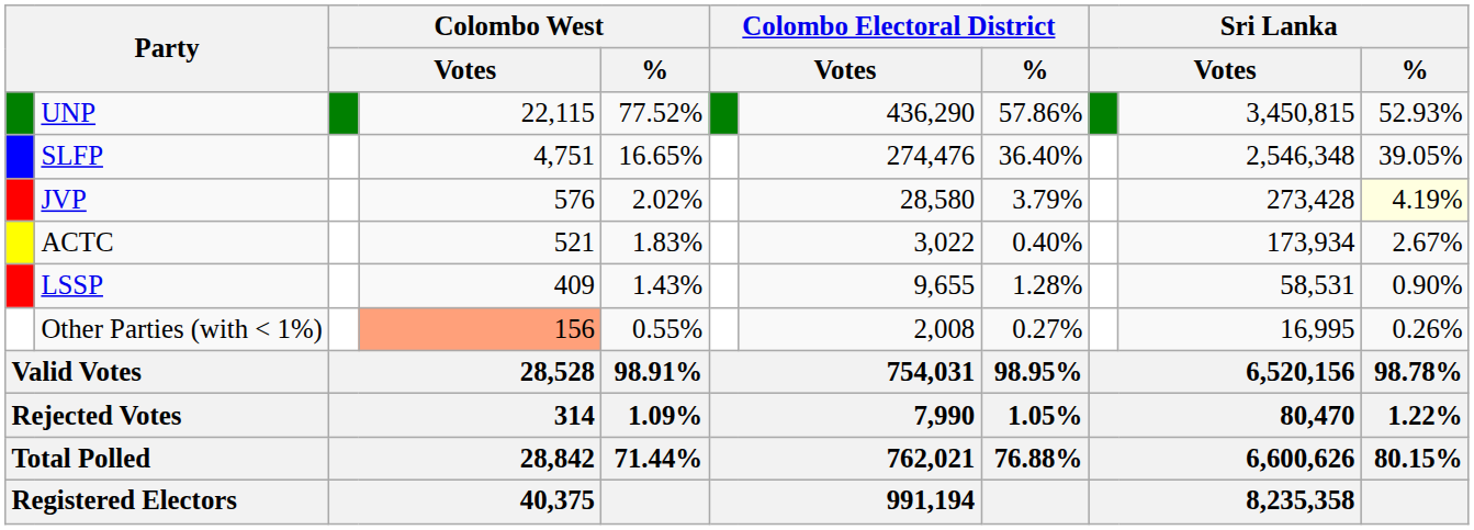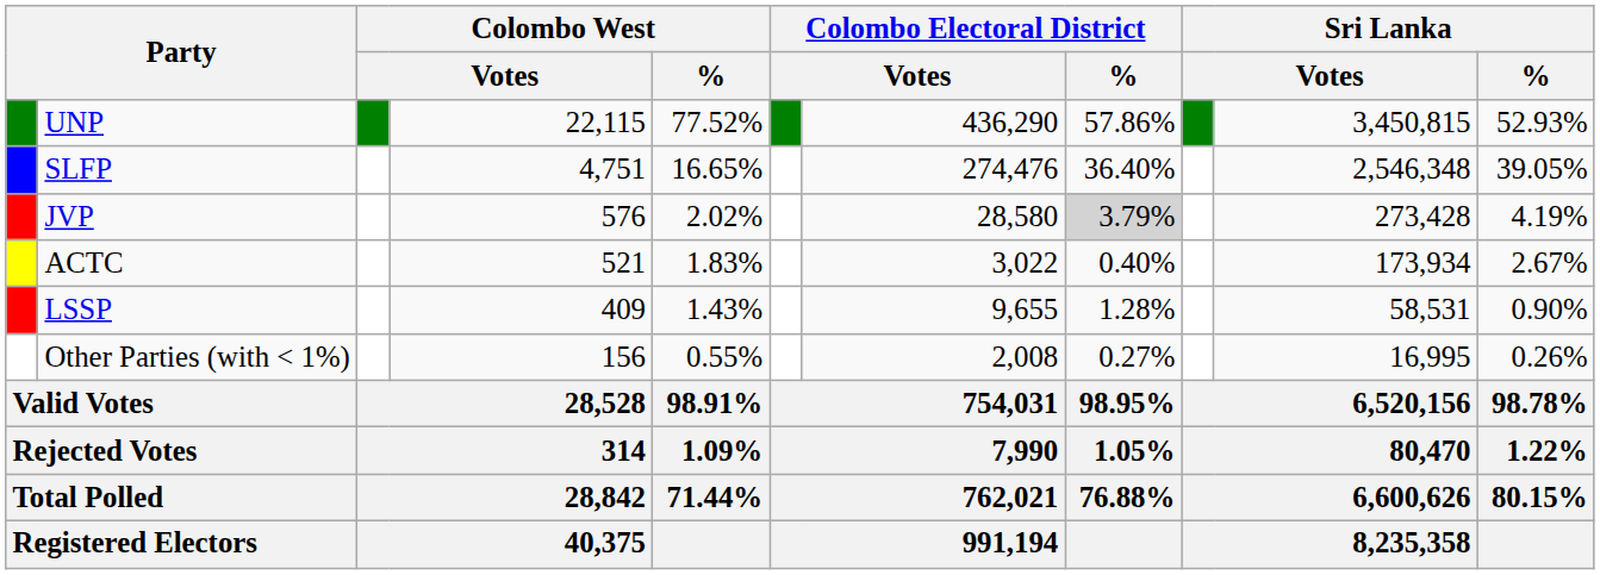 <table class="wikitable">
 <tr>
 <th colspan="2" width="144px"rowspan="2">Party</th>
 <th colspan="3" width="216px">Colombo West</th>
 <th colspan="3" width="216px"><a href='#'>Colombo Electoral District</a></th>
 <th colspan="3" width="216px">Sri Lanka</th>
 </tr>
 <tr>
 <th colspan="2" width="144px">Votes</th>
 <th>%</th>
 <th colspan="2" width="144px">Votes</th>
 <th>%</th>
 <th colspan="2" width="144px">Votes</th>
 <th>%</th>
 </tr>
 <tr>
 <td style="background-color:green;" width="10px"></td>
 <td style="text-align:left;"><a href='#'>UNP</a></td>
 <td style="background-color:green;" width="10px"></td>
 <td style="text-align:right;">22,115</td>
 <td style="text-align:right;">77.52%</td>
 <td style="background-color:green;" width="10px"></td>
 <td style="text-align:right;">436,290</td>
 <td style="text-align:right;">57.86%</td>
 <td style="background-color:green;" width="10px"></td>
 <td style="text-align:right;">3,450,815</td>
 <td style="text-align:right;">52.93%</td>
 </tr>
 <tr>
 <td style="background-color:blue;" width="10px"></td>
 <td style="text-align:left;"><a href='#'>SLFP</a></td>
 <td style="background-color:white;" width="10px"></td>
 <td style="text-align:right;">4,751</td>
 <td style="text-align:right;">16.65%</td>
 <td style="background-color:white;" width="10px"></td>
 <td style="text-align:right;">274,476</td>
 <td style="text-align:right;">36.40%</td>
 <td style="background-color:white;" width="10px"></td>
 <td style="text-align:right;">2,546,348</td>
 <td style="text-align:right;">39.05%</td>
 </tr>
 <tr>
 <td style="background-color:red;" width="10px"></td>
 <td style="text-align:left;"><a href='#'>JVP</a></td>
 <td style="background-color:white;" width="10px"></td>
 <td style="text-align:right;">576</td>
 <td style="text-align:right;">2.02%</td>
 <td style="background-color:white;" width="10px"></td>
 <td style="text-align:right;">28,580</td>
-<td style="text-align:right;">3.79%</td>
+<td style="background: lightgrey; text-align:right;">3.79%</td>
 <td style="background-color:white;" width="10px"></td>
 <td style="text-align:right;">273,428</td>
-<td style="background: lightyellow; text-align:right;">4.19%</td>
+<td style="text-align:right;">4.19%</td>
 </tr>
 <tr>
 <td style="background-color:yellow;" width="10px"></td>
 <td style="text-align:left;">ACTC</td>
 <td style="background-color:white;" width="10px"></td>
 <td style="text-align:right;">521</td>
 <td style="text-align:right;">1.83%</td>
 <td style="background-color:white;" width="10px"></td>
 <td style="text-align:right;">3,022</td>
 <td style="text-align:right;">0.40%</td>
 <td style="background-color:white;" width="10px"></td>
 <td style="text-align:right;">173,934</td>
 <td style="text-align:right;">2.67%</td>
 </tr>
 <tr>
 <td style="background-color:red;" width="10px"></td>
 <td style="text-align:left;"><a href='#'>LSSP</a></td>
 <td style="background-color:white;" width="10px"></td>
 <td style="text-align:right;">409</td>
 <td style="text-align:right;">1.43%</td>
 <td style="background-color:white;" width="10px"></td>
 <td style="text-align:right;">9,655</td>
 <td style="text-align:right;">1.28%</td>
 <td style="background-color:white;" width="10px"></td>
 <td style="text-align:right;">58,531</td>
 <td style="text-align:right;">0.90%</td>
 </tr>
 <tr>
 <td style="background-color:white;" width="10px"></td>
 <td style="text-align:left;">Other Parties (with < 1%)</td>
 <td style="background-color:white;" width="10px"></td>
-<td style="background: lightsalmon; text-align:right;">156</td>
+<td style="text-align:right;">156</td>
 <td style="text-align:right;">0.55%</td>
 <td style="background-color:white;" width="10px"></td>
 <td style="text-align:right;">2,008</td>
 <td style="text-align:right;">0.27%</td>
 <td style="background-color:white;" width="10px"></td>
 <td style="text-align:right;">16,995</td>
 <td style="text-align:right;">0.26%</td>
 </tr>
 <tr>
 <th colspan="2" width="144px"style="text-align:left;">Valid Votes</th>
 <th style="text-align:right;"colspan="2" width="144px">28,528</th>
 <th style="text-align:right;">98.91%</th>
 <th style="text-align:right;"colspan="2" width="144px">754,031</th>
 <th style="text-align:right;">98.95%</th>
 <th style="text-align:right;"colspan="2" width="144px">6,520,156</th>
 <th style="text-align:right;">98.78%</th>
 </tr>
 <tr>
 <th colspan="2" width="144px"style="text-align:left;">Rejected Votes</th>
 <th style="text-align:right;"colspan="2" width="144px">314</th>
 <th style="text-align:right;">1.09%</th>
 <th style="text-align:right;"colspan="2" width="144px">7,990</th>
 <th style="text-align:right;">1.05%</th>
 <th style="text-align:right;"colspan="2" width="144px">80,470</th>
 <th style="text-align:right;">1.22%</th>
 </tr>
 <tr>
 <th colspan="2" width="144px"style="text-align:left;">Total Polled</th>
 <th style="text-align:right;"colspan="2" width="144px">28,842</th>
 <th style="text-align:right;">71.44%</th>
 <th style="text-align:right;"colspan="2" width="144px">762,021</th>
 <th style="text-align:right;">76.88%</th>
 <th style="text-align:right;"colspan="2" width="144px">6,600,626</th>
 <th style="text-align:right;">80.15%</th>
 </tr>
 <tr>
 <th colspan="2" width="144px"style="text-align:left;">Registered Electors</th>
 <th style="text-align:right;"colspan="2" width="144px">40,375</th>
 <th></th>
 <th style="text-align:right;"colspan="2" width="144px">991,194</th>
 <th></th>
 <th style="text-align:right;"colspan="2" width="144px">8,235,358</th>
 <th></th>
 </tr>
 </table>
